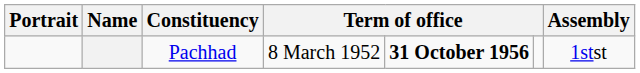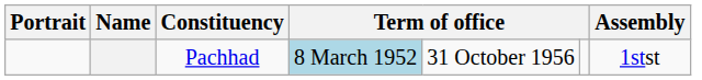 <table class="wikitable" style="text-align:center">
 <tr>
 <th class="unsortable" scope="col">Portrait</th>
 <th scope="col" class="sortable">Name</th>
 <th scope="col">Constituency</th>
 <th colspan="3" scope="colgroup">Term of office</th>
 <th scope="col">Assembly</th>
 </tr>
 <tr align="center">
 <td></td>
 <th scope="row"></th>
 <td><a href='#'>Pachhad</a></td>
-<td>8 March 1952</td>
-<td><strong>31 October 1956</strong></td>
+<td style="background: lightblue;">8 March 1952</td>
+<td>31 October 1956</td>
 <td></td>
 <td><a href='#'>1st</a>st</td>
 </tr>
 </table>
